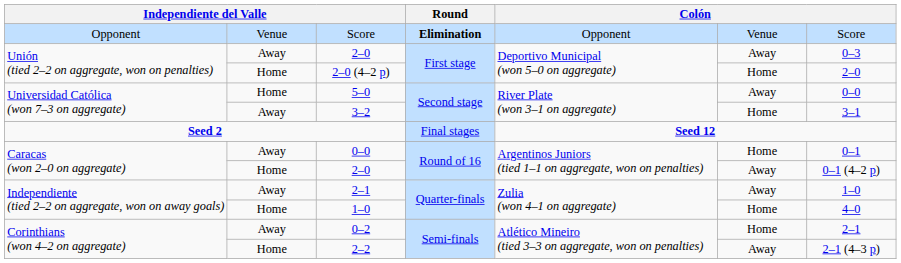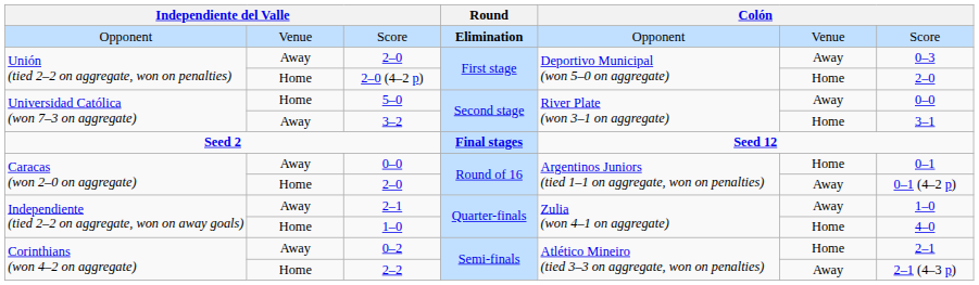 <table class="wikitable" style="text-align: center;">
 <tr>
 <th colspan=3> <a href='#'>Independiente del Valle</a></th>
 <th>Round</th>
 <th colspan=3> <a href='#'>Colón</a></th>
 </tr>
 <tr bgcolor=#c1e0ff>
 <td width=25%>Opponent</td>
 <td width=10%>Venue</td>
 <td width=10%>Score</td>
 <td width=10%><strong>Elimination</strong></td>
 <td width=25%>Opponent</td>
 <td width=10%>Venue</td>
 <td width=10%>Score</td>
 </tr>
 <tr>
 <td rowspan=2 align=left> <a href='#'>Unión</a><br><em>(tied 2–2 on aggregate, won on penalties)</em></td>
 <td>Away</td>
 <td><a href='#'>2–0</a></td>
 <td rowspan=2 bgcolor=#c1e0ff><a href='#'>First stage</a></td>
 <td rowspan=2 align=left> <a href='#'>Deportivo Municipal</a><br><em>(won 5–0 on aggregate)</em></td>
 <td>Away</td>
 <td><a href='#'>0–3</a></td>
 </tr>
 <tr>
 <td>Home</td>
 <td><a href='#'>2–0</a> (4–2 <a href='#'>p</a>)</td>
 <td>Home</td>
 <td><a href='#'>2–0</a></td>
 </tr>
 <tr>
 <td rowspan=2 align=left> <a href='#'>Universidad Católica</a><br><em>(won 7–3 on aggregate)</em></td>
 <td>Home</td>
 <td><a href='#'>5–0</a></td>
 <td rowspan=2 bgcolor=#c1e0ff><a href='#'>Second stage</a></td>
 <td rowspan=2 align=left> <a href='#'>River Plate</a><br><em>(won 3–1 on aggregate)</em></td>
 <td>Away</td>
 <td><a href='#'>0–0</a></td>
 </tr>
 <tr>
 <td>Away</td>
 <td><a href='#'>3–2</a></td>
 <td>Home</td>
 <td><a href='#'>3–1</a></td>
 </tr>
 <tr>
 <td colspan=3><strong><a href='#'>Seed 2</a></strong></td>
-<td bgcolor=#c1e0ff><a href='#'>Final stages</a></td>
+<td bgcolor=#c1e0ff><strong><a href='#'>Final stages</a></strong></td>
 <td colspan=3><strong><a href='#'>Seed 12</a></strong></td>
 </tr>
 <tr>
 <td rowspan=2 align=left> <a href='#'>Caracas</a><br><em>(won 2–0 on aggregate)</em></td>
 <td>Away</td>
 <td><a href='#'>0–0</a></td>
 <td rowspan=2 bgcolor=#c1e0ff><a href='#'>Round of 16</a></td>
 <td rowspan=2 align=left> <a href='#'>Argentinos Juniors</a><br><em>(tied 1–1 on aggregate, won on penalties)</em></td>
 <td>Home</td>
 <td><a href='#'>0–1</a></td>
 </tr>
 <tr>
 <td>Home</td>
 <td><a href='#'>2–0</a></td>
 <td>Away</td>
 <td><a href='#'>0–1</a> (4–2 <a href='#'>p</a>)</td>
 </tr>
 <tr>
 <td rowspan=2 align=left> <a href='#'>Independiente</a><br><em>(tied 2–2 on aggregate, won on away goals)</em></td>
 <td>Away</td>
 <td><a href='#'>2–1</a></td>
 <td rowspan=2 bgcolor=#c1e0ff><a href='#'>Quarter-finals</a></td>
 <td rowspan=2 align=left> <a href='#'>Zulia</a><br><em>(won 4–1 on aggregate)</em></td>
 <td>Away</td>
 <td><a href='#'>1–0</a></td>
 </tr>
 <tr>
 <td>Home</td>
 <td><a href='#'>1–0</a></td>
 <td>Home</td>
 <td><a href='#'>4–0</a></td>
 </tr>
 <tr>
 <td rowspan=2 align=left> <a href='#'>Corinthians</a><br><em>(won 4–2 on aggregate)</em></td>
 <td>Away</td>
 <td><a href='#'>0–2</a></td>
 <td rowspan=2 bgcolor=#c1e0ff><a href='#'>Semi-finals</a></td>
 <td rowspan=2 align=left> <a href='#'>Atlético Mineiro</a><br><em>(tied 3–3 on aggregate, won on penalties)</em></td>
 <td>Home</td>
 <td><a href='#'>2–1</a></td>
 </tr>
 <tr>
 <td>Home</td>
 <td><a href='#'>2–2</a></td>
 <td>Away</td>
 <td><a href='#'>2–1</a> (4–3 <a href='#'>p</a>)</td>
 </tr>
 </table>
